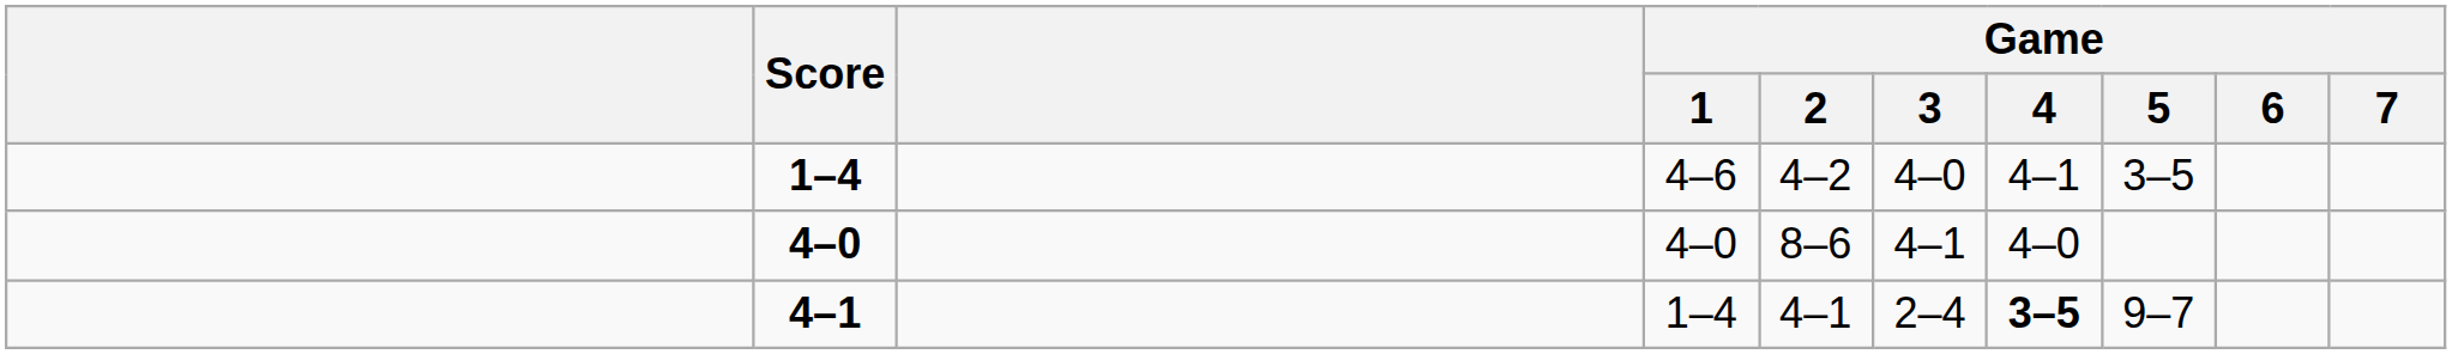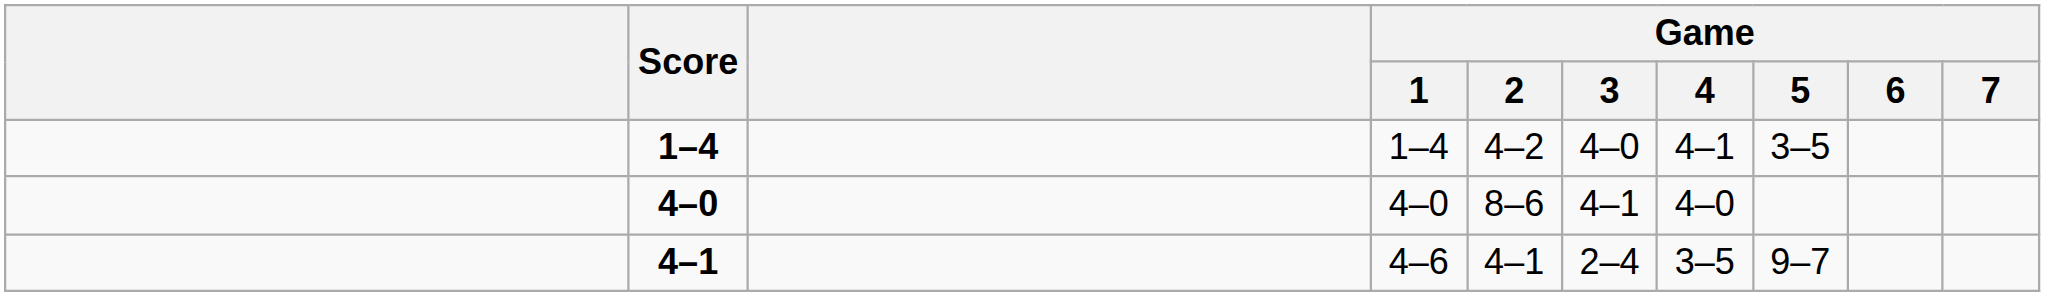 <table class="wikitable" style="text-align: center;">
 <tr>
 <th rowspan=2 align="right" width="270"></th>
 <th rowspan=2 width="45">Score</th>
 <th rowspan=2 align="left" width="270"></th>
 <th colspan=7>Game</th>
 </tr>
 <tr>
 <th width="35">1</th>
 <th width="35">2</th>
 <th width="35">3</th>
 <th width="35">4</th>
 <th width="35">5</th>
 <th width="35">6</th>
 <th width="35">7</th>
 </tr>
 <tr>
 <td align=left><strong></strong></td>
 <td align=center><strong>1–4</strong></td>
 <td align=left></td>
-<td>4–6</td>
+<td>1–4</td>
 <td>4–2</td>
 <td>4–0</td>
 <td>4–1</td>
 <td>3–5</td>
 <td></td>
 <td></td>
 </tr>
 <tr>
 <td align=left><strong></strong></td>
 <td align=center><strong>4–0</strong></td>
 <td align=left></td>
 <td>4–0</td>
 <td>8–6</td>
 <td>4–1</td>
 <td>4–0</td>
 <td></td>
 <td></td>
 <td></td>
 </tr>
 <tr>
 <td align=left></td>
 <td align=center><strong>4–1</strong></td>
 <td align=left><strong></strong></td>
-<td>1–4</td>
+<td>4–6</td>
 <td>4–1</td>
 <td>2–4</td>
-<td><strong>3–5</strong></td>
+<td>3–5</td>
 <td>9–7</td>
 <td></td>
 <td></td>
 </tr>
 </table>
